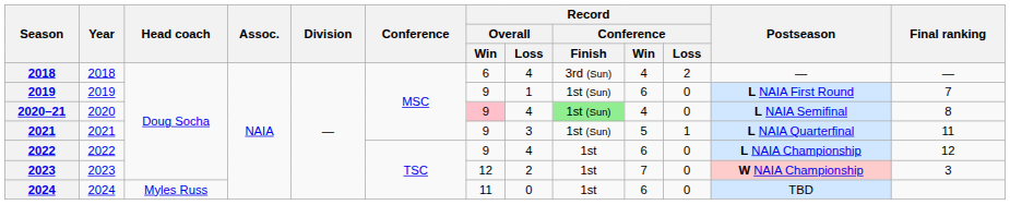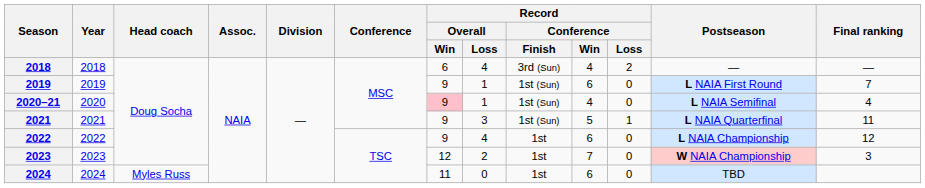 <table class="wikitable" style="font-size: 95%; width:98%;text-align:center;">
 <tr>
 <th rowspan="3">Season</th>
 <th rowspan="3">Year</th>
 <th rowspan="3">Head coach</th>
 <th rowspan="3">Assoc.</th>
 <th rowspan="3">Division</th>
 <th rowspan="3">Conference</th>
 <th colspan="5">Record</th>
 <th rowspan="3">Postseason</th>
 <th rowspan="3">Final ranking</th>
 </tr>
 <tr>
 <th colspan="2">Overall</th>
 <th colspan="3">Conference</th>
 </tr>
 <tr>
 <th>Win</th>
 <th>Loss</th>
 <th>Finish</th>
 <th>Win</th>
 <th>Loss</th>
 </tr>
 <tr>
 <th><a href='#'>2018</a></th>
 <td><a href='#'>2018</a></td>
 <td rowspan="6"><a href='#'>Doug Socha</a></td>
 <td rowspan="7"><a href='#'>NAIA</a></td>
 <td rowspan="7">—</td>
 <td rowspan="4"><a href='#'>MSC</a></td>
 <td>6</td>
 <td>4</td>
 <td>3rd <small>(Sun)</small></td>
 <td>4</td>
 <td>2</td>
 <td>—</td>
 <td>—</td>
 </tr>
 <tr>
 <th><a href='#'>2019</a></th>
 <td><a href='#'>2019</a></td>
 <td>9</td>
 <td>1</td>
 <td>1st <small>(Sun)</small></td>
 <td>6</td>
 <td>0</td>
 <td bgcolor="#d0e7ff"><strong>L</strong> <a href='#'>NAIA First Round</a></td>
 <td>7</td>
 </tr>
 <tr>
 <th><a href='#'>2020–21</a></th>
 <td><a href='#'>2020</a></td>
 <td style="background: pink;">9</td>
-<td>4</td>
-<td style="background: lightgreen;">1st <small>(Sun)</small></td>
+<td>1</td>
+<td>1st <small>(Sun)</small></td>
 <td>4</td>
 <td>0</td>
 <td bgcolor="#d0e7ff"><strong>L</strong> <a href='#'>NAIA Semifinal</a></td>
-<td>8</td>
+<td>4</td>
 </tr>
 <tr>
 <th><a href='#'>2021</a></th>
 <td><a href='#'>2021</a></td>
 <td>9</td>
 <td>3</td>
 <td>1st <small>(Sun)</small></td>
 <td>5</td>
 <td>1</td>
 <td bgcolor="#d0e7ff"><strong>L</strong> <a href='#'>NAIA Quarterfinal</a></td>
 <td>11</td>
 </tr>
 <tr>
 <th><a href='#'>2022</a></th>
 <td><a href='#'>2022</a></td>
 <td rowspan="3"><a href='#'>TSC</a></td>
 <td>9</td>
 <td>4</td>
 <td>1st</td>
 <td>6</td>
 <td>0</td>
 <td bgcolor="#d0e7ff"><strong>L</strong> <a href='#'>NAIA Championship</a></td>
 <td>12</td>
 </tr>
 <tr>
 <th><a href='#'>2023</a></th>
 <td><a href='#'>2023</a></td>
 <td>12</td>
 <td>2</td>
 <td>1st</td>
 <td>7</td>
 <td>0</td>
 <td bgcolor="#FFCCCC"><strong>W</strong> <a href='#'>NAIA Championship</a></td>
 <td>3</td>
 </tr>
 <tr>
 <th><a href='#'>2024</a></th>
 <td><a href='#'>2024</a></td>
 <td><a href='#'>Myles Russ</a></td>
 <td>11</td>
 <td>0</td>
 <td>1st</td>
 <td>6</td>
 <td>0</td>
 <td bgcolor="#d0e7ff">TBD</td>
 <td></td>
 </tr>
 </table>
